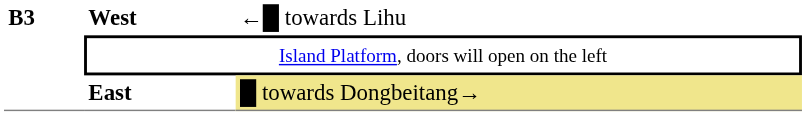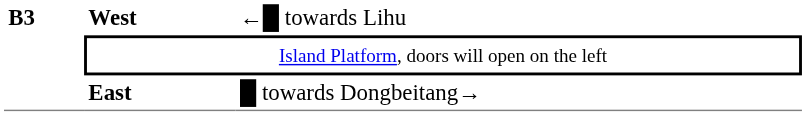 <table table border=0 cellspacing=0 cellpadding=3>
 <tr>
 <td style="border-top:solid 0px gray;border-bottom:solid 1px gray;" width=50 rowspan=3 valign=top><strong>B3</strong></td>
 <td style="border-top:solid 0px gray;" width=100><strong>West</strong></td>
 <td style="border-top:solid 0px gray;" width=390>←<span>█</span>  towards Lihu</td>
 </tr>
 <tr>
 <td style="border-top:solid 2px black;border-right:solid 2px black;border-left:solid 2px black;border-bottom:solid 2px black;text-align:center;" colspan=2><small><a href='#'>Island Platform</a>, doors will open on the left</small></td>
 </tr>
 <tr>
 <td style="border-bottom:solid 1px gray;"><strong>East</strong></td>
-<td style="background: khaki; border-bottom:solid 1px gray;"><span>█</span> towards Dongbeitang→</td>
+<td style="border-bottom:solid 1px gray;"><span>█</span> towards Dongbeitang→</td>
 </tr>
 </table>
